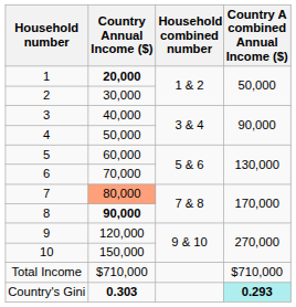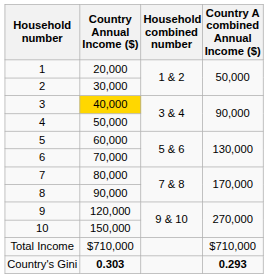 <table class="wikitable" style="text-align:center; float: right; margin-left:1em;">
 <tr>
 <th style=max-width:4em>Household number</th>
 <th style=max-width:5em>Country  Annual Income ($)</th>
 <th style=max-width:5em>Household combined number</th>
 <th style=max-width:5em>Country A combined Annual Income ($)</th>
 </tr>
 <tr>
 <td>1</td>
-<td><strong>20,000</strong></td>
+<td>20,000</td>
 <td rowspan="2"  style="text-align: center;">1 & 2</td>
 <td rowspan="2" style="text-align: center;">50,000</td>
 </tr>
 <tr>
 <td>2</td>
 <td>30,000</td>
 </tr>
 <tr>
 <td>3</td>
-<td>40,000</td>
+<td style="background: gold;">40,000</td>
 <td rowspan="2"  style="text-align: center;">3 & 4</td>
 <td rowspan="2" style="text-align: center;">90,000</td>
 </tr>
 <tr>
 <td>4</td>
 <td>50,000</td>
 </tr>
 <tr>
 <td>5</td>
 <td>60,000</td>
 <td rowspan="2"  style="text-align: center;">5 & 6</td>
 <td rowspan="2" style="text-align: center;">130,000</td>
 </tr>
 <tr>
 <td>6</td>
 <td>70,000</td>
 </tr>
 <tr>
 <td>7</td>
-<td style="background: lightsalmon;">80,000</td>
+<td>80,000</td>
 <td rowspan="2" style="text-align: center;">7 & 8</td>
 <td rowspan="2" style="text-align: center;">170,000</td>
 </tr>
 <tr>
 <td>8</td>
-<td><strong>90,000</strong></td>
+<td>90,000</td>
 </tr>
 <tr>
 <td>9</td>
 <td>120,000</td>
 <td rowspan="2"  style="text-align: center;">9 & 10</td>
 <td rowspan="2"  style="text-align: center;">270,000</td>
 </tr>
 <tr>
 <td>10</td>
 <td>150,000</td>
 </tr>
 <tr>
 <td>Total Income</td>
 <td>$710,000</td>
 <td></td>
 <td>$710,000</td>
 </tr>
 <tr>
 <td>Country's Gini</td>
 <td><strong>0.303</strong></td>
 <td></td>
-<td style="background: paleturquoise;"><strong>0.293</strong></td>
+<td><strong>0.293</strong></td>
 </tr>
 </table>
